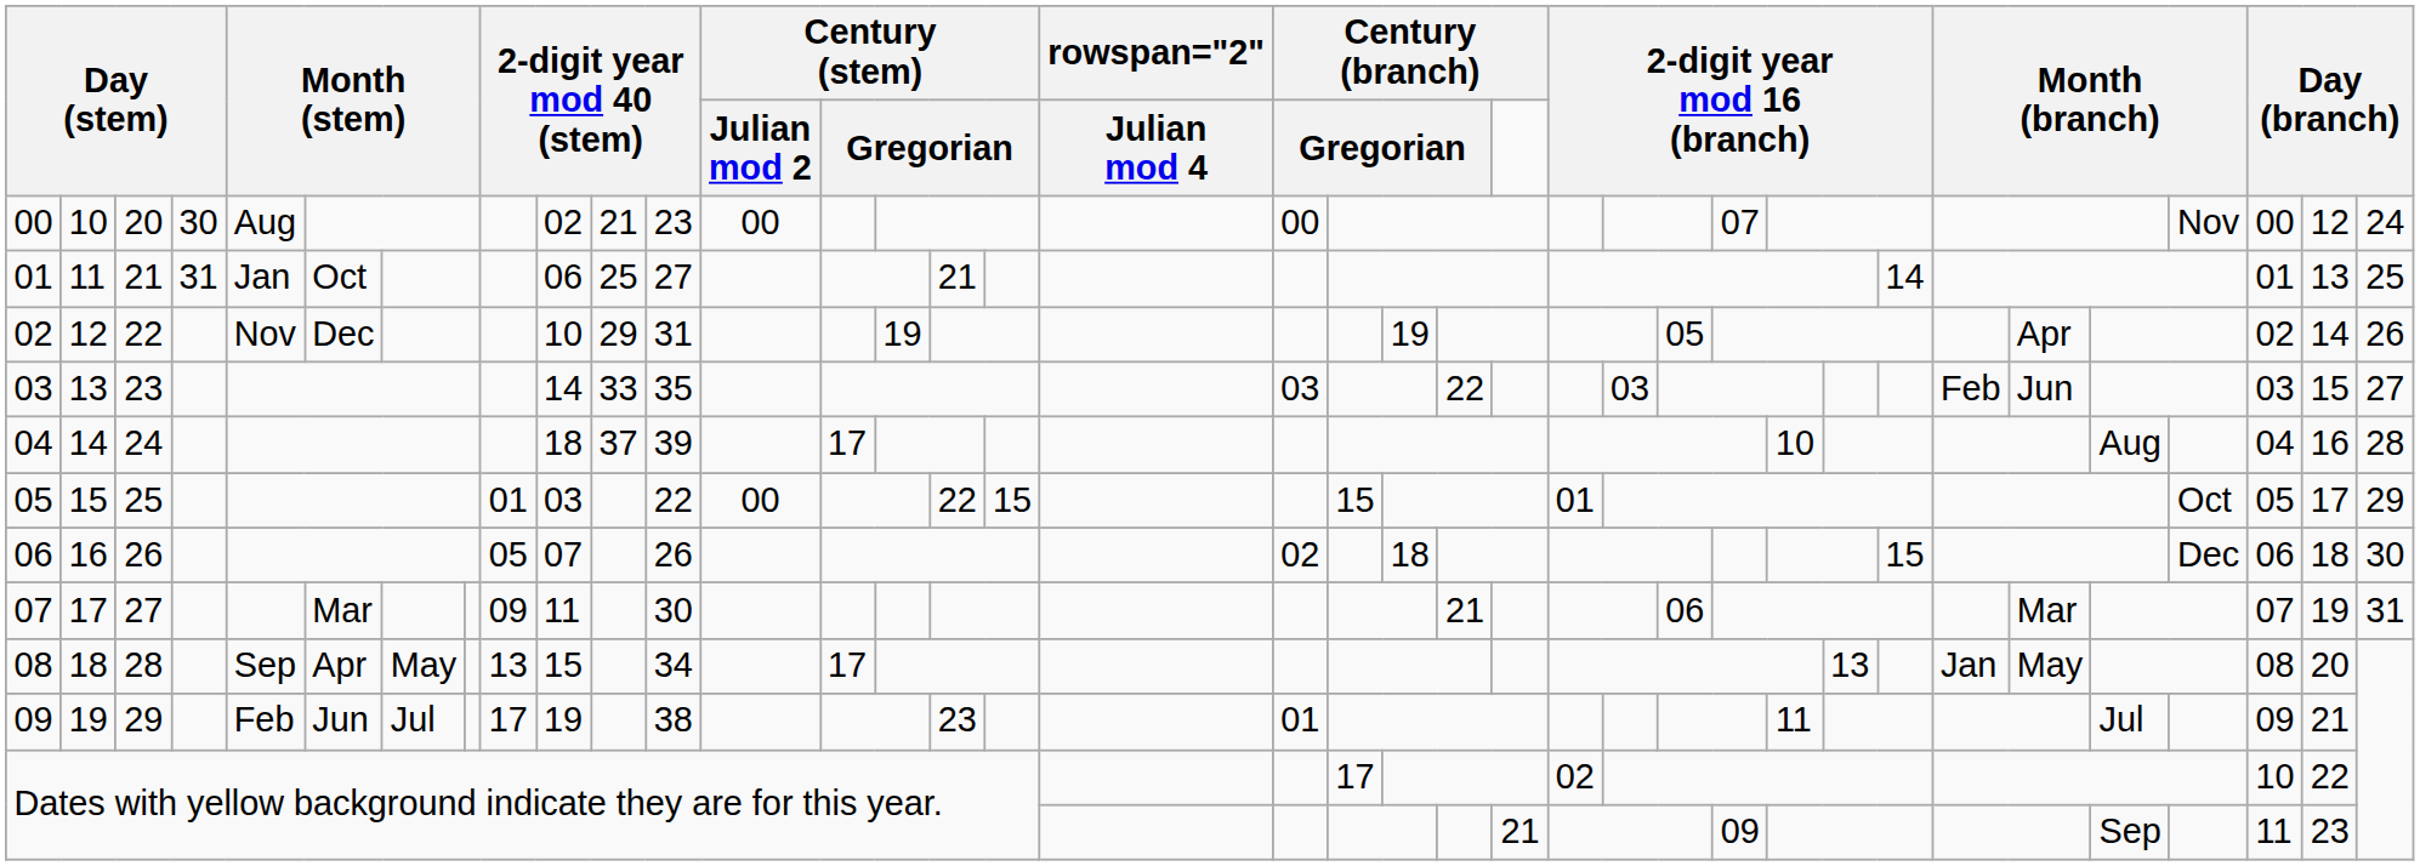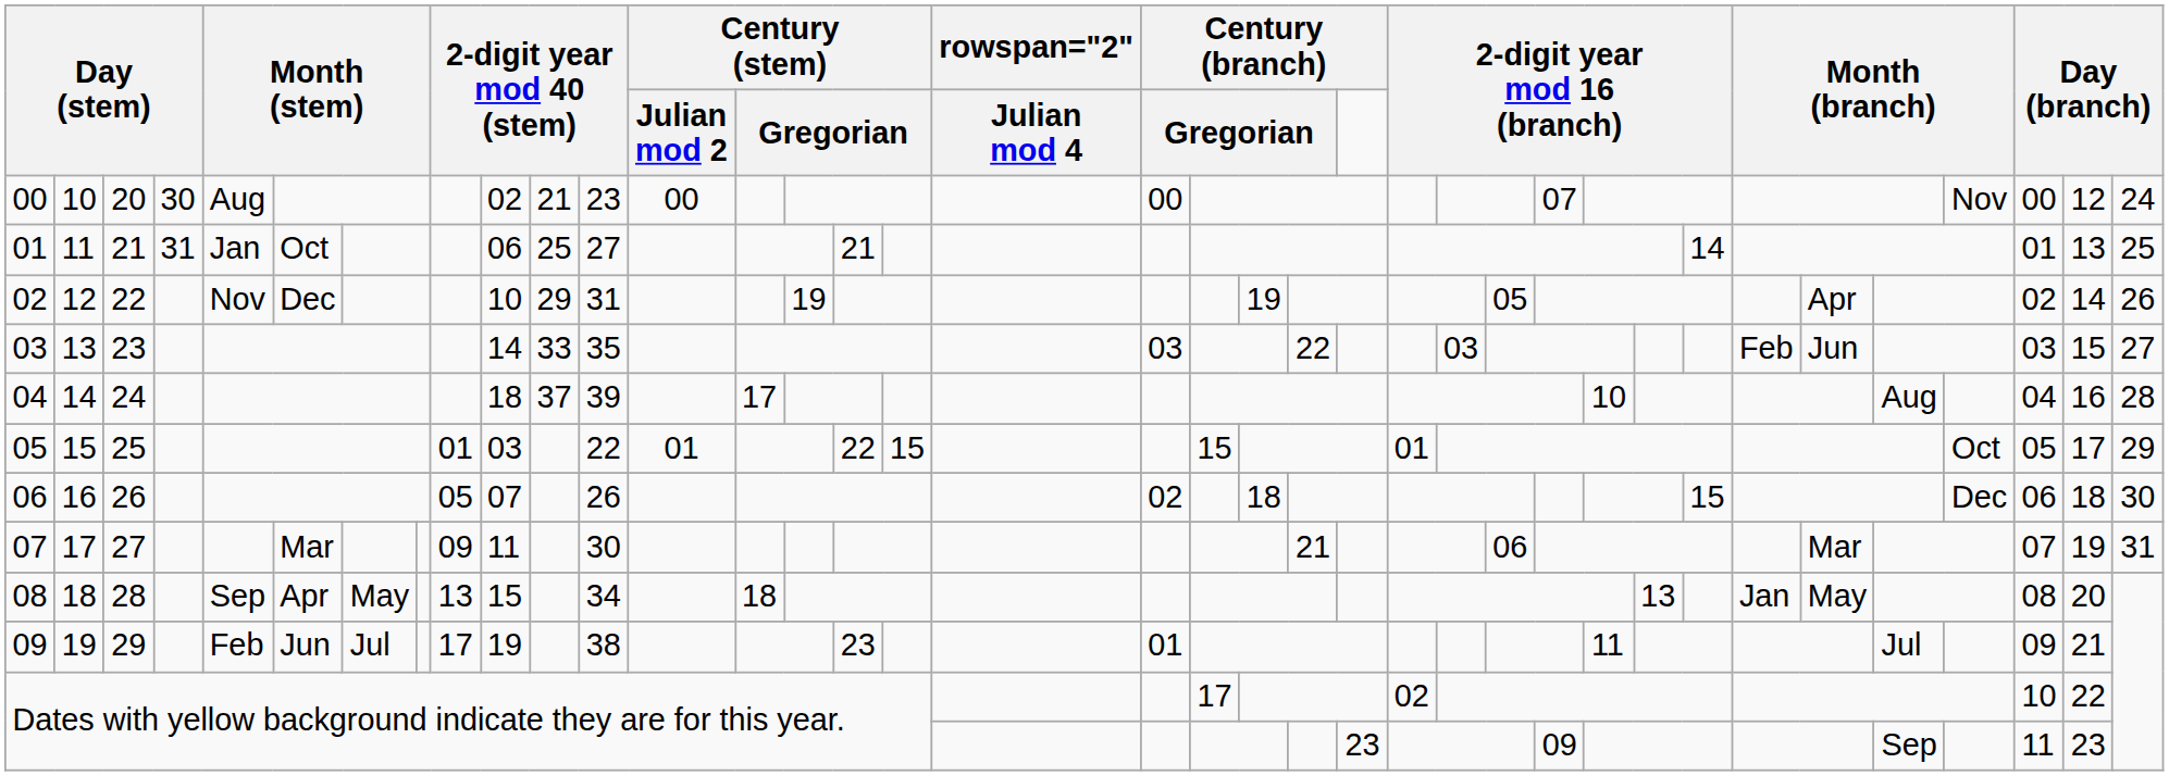 <table class="wikitable collapsible">
 <tr>
 <th colspan="4" rowspan="2">Day<br>(stem)</th>
 <th colspan="4" rowspan="2">Month<br>(stem)</th>
 <th colspan="4" rowspan="2">2-digit year<br><a href='#'>mod</a> 40<br>(stem)</th>
 <th colspan="5">Century<br>(stem)</th>
 <th>rowspan="2" </th>
 <th colspan="5">Century<br>(branch)</th>
 <th colspan="7" rowspan="2">2-digit year<br><a href='#'>mod</a> 16<br>(branch)</th>
 <th colspan="4" rowspan="2">Month<br>(branch)</th>
 <th colspan="3" rowspan="2">Day<br>(branch)</th>
 </tr>
 <tr>
 <th>Julian<br><a href='#'>mod</a> 2<br></th>
 <th colspan="4">Gregorian</th>
 <th>Julian<br><a href='#'>mod</a> 4</th>
 <th colspan="4">Gregorian</th>
 </tr>
 <tr>
 <td>00</td>
 <td>10</td>
 <td>20</td>
 <td>30</td>
 <td>Aug</td>
 <td colspan="3"></td>
 <td></td>
 <td>02</td>
 <td>21</td>
 <td>23</td>
 <td style="text-align:center">00</td>
 <td></td>
 <td colspan="3"></td>
 <td></td>
 <td>00</td>
 <td colspan="4"></td>
 <td></td>
 <td colspan="2"></td>
 <td>07</td>
 <td colspan="3"></td>
 <td colspan="3"></td>
 <td>Nov</td>
 <td>00</td>
 <td>12</td>
 <td>24</td>
 </tr>
 <tr>
 <td>01</td>
 <td>11</td>
 <td>21</td>
 <td>31</td>
 <td>Jan</td>
 <td>Oct</td>
 <td colspan="2"></td>
 <td></td>
 <td>06</td>
 <td>25</td>
 <td>27</td>
 <td></td>
 <td colspan="2"></td>
 <td>21</td>
 <td></td>
 <td></td>
 <td></td>
 <td colspan="4"></td>
 <td colspan="6"></td>
 <td>14</td>
 <td colspan="4"></td>
 <td>01</td>
 <td>13</td>
 <td>25</td>
 </tr>
 <tr>
 <td>02</td>
 <td>12</td>
 <td>22</td>
 <td></td>
 <td>Nov</td>
 <td>Dec</td>
 <td colspan="2"></td>
 <td></td>
 <td>10</td>
 <td>29</td>
 <td>31</td>
 <td></td>
 <td></td>
 <td>19</td>
 <td colspan="2"></td>
 <td></td>
 <td></td>
 <td></td>
 <td>19</td>
 <td colspan="2"></td>
 <td colspan="2"></td>
 <td>05</td>
 <td colspan="4"></td>
 <td></td>
 <td>Apr</td>
 <td colspan="2"></td>
 <td>02</td>
 <td>14</td>
 <td>26</td>
 </tr>
 <tr>
 <td>03</td>
 <td>13</td>
 <td>23</td>
 <td></td>
 <td colspan="4"></td>
 <td></td>
 <td>14</td>
 <td>33</td>
 <td>35</td>
 <td></td>
 <td colspan="4"></td>
 <td></td>
 <td>03</td>
 <td colspan="2"></td>
 <td>22</td>
 <td></td>
 <td></td>
 <td>03</td>
 <td colspan="3"></td>
 <td></td>
 <td></td>
 <td>Feb</td>
 <td>Jun</td>
 <td colspan="2"></td>
 <td>03</td>
 <td>15</td>
 <td>27</td>
 </tr>
 <tr>
 <td>04</td>
 <td>14</td>
 <td>24</td>
 <td></td>
 <td colspan="4"></td>
 <td></td>
 <td>18</td>
 <td>37</td>
 <td>39</td>
 <td></td>
 <td>17</td>
 <td colspan="2"></td>
 <td></td>
 <td></td>
 <td></td>
 <td colspan="4"></td>
 <td colspan="4"></td>
 <td>10</td>
 <td colspan="2"></td>
 <td colspan="2"></td>
 <td>Aug</td>
 <td></td>
 <td>04</td>
 <td>16</td>
 <td>28</td>
 </tr>
 <tr>
 <td>05</td>
 <td>15</td>
 <td>25</td>
 <td></td>
 <td colspan="4"></td>
 <td>01</td>
 <td>03</td>
 <td></td>
 <td>22</td>
-<td style="text-align:center">00</td>
+<td style="text-align:center">01</td>
 <td colspan="2"></td>
 <td>22</td>
 <td>15</td>
 <td></td>
 <td></td>
 <td>15</td>
 <td colspan="3"></td>
 <td>01</td>
 <td colspan="6"></td>
 <td colspan="3"></td>
 <td>Oct</td>
 <td>05</td>
 <td>17</td>
 <td>29</td>
 </tr>
 <tr>
 <td>06</td>
 <td>16</td>
 <td>26</td>
 <td></td>
 <td colspan="4"></td>
 <td>05</td>
 <td>07</td>
 <td></td>
 <td>26</td>
 <td></td>
 <td colspan="4"></td>
 <td></td>
 <td>02</td>
 <td></td>
 <td>18</td>
 <td colspan="2"></td>
 <td colspan="3"></td>
 <td></td>
 <td colspan="2"></td>
 <td>15</td>
 <td colspan="3"></td>
 <td>Dec</td>
 <td>06</td>
 <td>18</td>
 <td>30</td>
 </tr>
 <tr>
 <td>07</td>
 <td>17</td>
 <td>27</td>
 <td></td>
 <td></td>
 <td>Mar</td>
 <td></td>
 <td></td>
 <td>09</td>
 <td>11</td>
 <td></td>
 <td>30</td>
 <td></td>
 <td></td>
 <td></td>
 <td colspan="2"></td>
 <td></td>
 <td></td>
 <td colspan="2"></td>
 <td>21</td>
 <td></td>
 <td colspan="2"></td>
 <td>06</td>
 <td colspan="4"></td>
 <td></td>
 <td>Mar</td>
 <td colspan="2"></td>
 <td>07</td>
 <td>19</td>
 <td>31</td>
 </tr>
 <tr>
 <td>08</td>
 <td>18</td>
 <td>28</td>
 <td></td>
 <td>Sep</td>
 <td>Apr</td>
 <td>May</td>
 <td></td>
 <td>13</td>
 <td>15</td>
 <td></td>
 <td>34</td>
 <td></td>
-<td>17</td>
+<td>18</td>
 <td colspan="3"></td>
 <td></td>
 <td></td>
 <td colspan="3"></td>
 <td></td>
 <td colspan="5"></td>
 <td>13</td>
 <td></td>
 <td>Jan</td>
 <td>May</td>
 <td colspan="2"></td>
 <td>08</td>
 <td>20</td>
 <td rowspan="4"></td>
 </tr>
 <tr>
 <td>09</td>
 <td>19</td>
 <td>29</td>
 <td></td>
 <td>Feb</td>
 <td>Jun</td>
 <td>Jul</td>
 <td></td>
 <td>17</td>
 <td>19</td>
 <td></td>
 <td>38</td>
 <td></td>
 <td colspan="2"></td>
 <td>23</td>
 <td></td>
 <td></td>
 <td>01</td>
 <td colspan="4"></td>
 <td></td>
 <td></td>
 <td colspan="2"></td>
 <td>11</td>
 <td colspan="2"></td>
 <td colspan="2"></td>
 <td>Jul</td>
 <td></td>
 <td>09</td>
 <td>21</td>
 </tr>
 <tr>
 <td rowspan="2" colspan="17">Dates with yellow background indicate they are for this year.</td>
 <td></td>
 <td></td>
 <td>17</td>
 <td colspan="3"></td>
 <td>02</td>
 <td colspan="6"></td>
 <td colspan="4"></td>
 <td>10</td>
 <td>22</td>
 </tr>
 <tr>
 <td></td>
 <td></td>
 <td colspan="2"></td>
 <td></td>
-<td>21</td>
+<td>23</td>
 <td colspan="3"></td>
 <td>09</td>
 <td colspan="3"></td>
 <td colspan="2"></td>
 <td>Sep</td>
 <td></td>
 <td>11</td>
 <td>23</td>
 </tr>
 </table>
